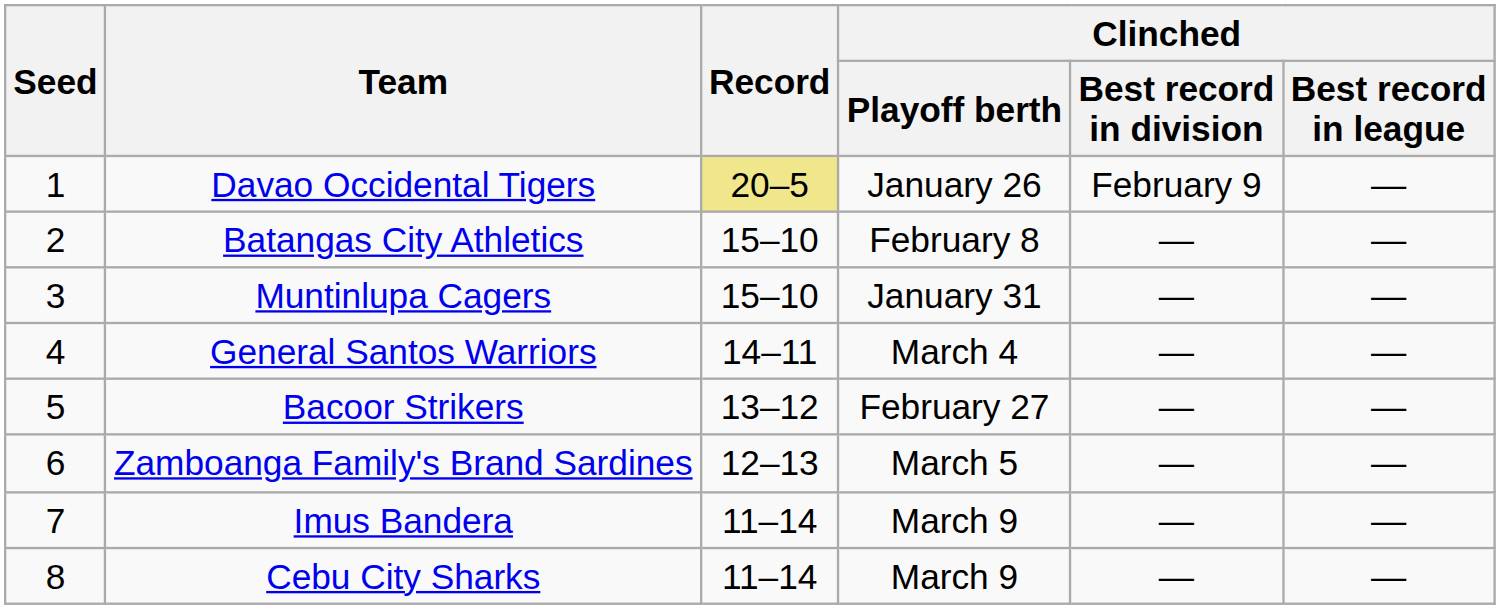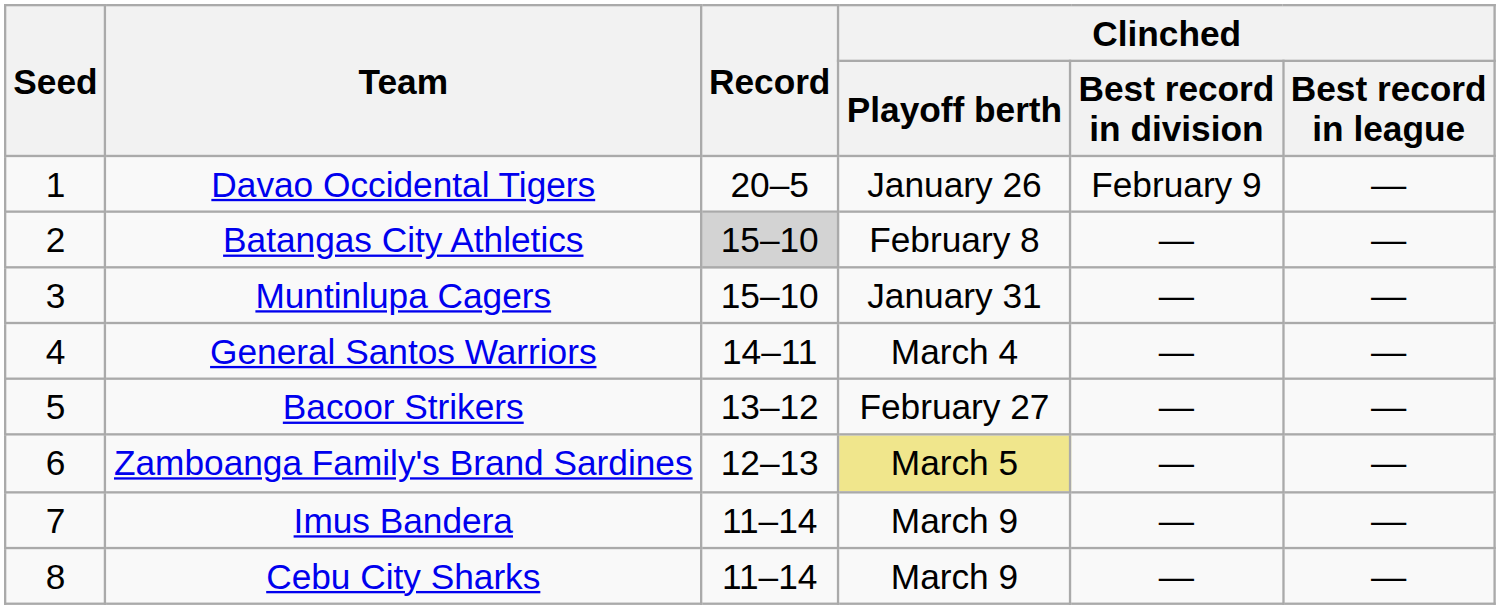 <table class="wikitable" style="font-size:95%; text-align:center">
 <tr>
 <th rowspan=2>Seed</th>
 <th rowspan=2>Team</th>
 <th rowspan=2>Record</th>
 <th colspan=4>Clinched</th>
 </tr>
 <tr>
 <th>Playoff berth</th>
 <th>Best record <br> in division</th>
 <th>Best record <br>in league</th>
 </tr>
 <tr>
 <td>1</td>
 <td><a href='#'>Davao Occidental Tigers</a></td>
-<td style="background: khaki;">20–5</td>
+<td>20–5</td>
 <td>January 26</td>
 <td>February 9</td>
 <td>—</td>
 </tr>
 <tr>
 <td>2</td>
 <td><a href='#'>Batangas City Athletics</a></td>
-<td>15–10</td>
+<td style="background: lightgrey;">15–10</td>
 <td>February 8</td>
 <td>—</td>
 <td>—</td>
 </tr>
 <tr>
 <td>3</td>
 <td><a href='#'>Muntinlupa Cagers</a></td>
 <td>15–10</td>
 <td>January 31</td>
 <td>—</td>
 <td>—</td>
 </tr>
 <tr>
 <td>4</td>
 <td><a href='#'>General Santos Warriors</a></td>
 <td>14–11</td>
 <td>March 4</td>
 <td>—</td>
 <td>—</td>
 </tr>
 <tr>
 <td>5</td>
 <td><a href='#'>Bacoor Strikers</a></td>
 <td>13–12</td>
 <td>February 27</td>
 <td>—</td>
 <td>—</td>
 </tr>
 <tr>
 <td>6</td>
 <td><a href='#'>Zamboanga Family's Brand Sardines</a></td>
 <td>12–13</td>
-<td>March 5</td>
+<td style="background: khaki;">March 5</td>
 <td>—</td>
 <td>—</td>
 </tr>
 <tr>
 <td>7</td>
 <td><a href='#'>Imus Bandera</a></td>
 <td>11–14</td>
 <td>March 9</td>
 <td>—</td>
 <td>—</td>
 </tr>
 <tr>
 <td>8</td>
 <td><a href='#'>Cebu City Sharks</a></td>
 <td>11–14</td>
 <td>March 9</td>
 <td>—</td>
 <td>—</td>
 </tr>
 </table>
